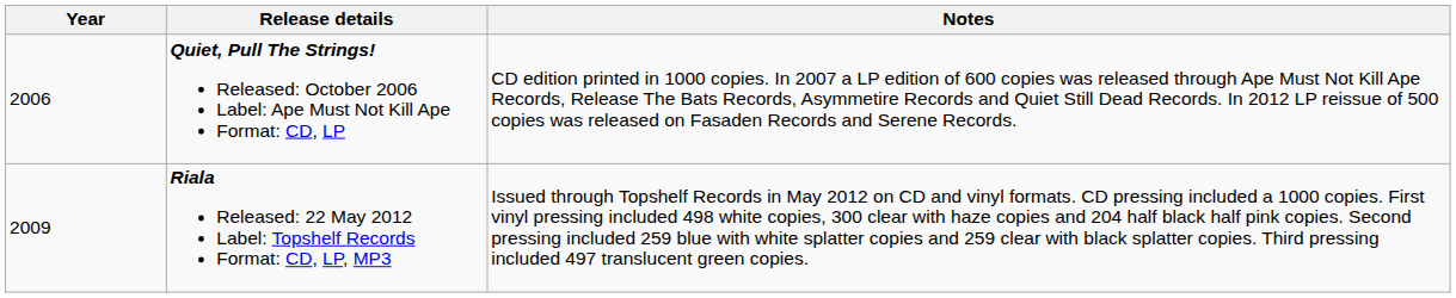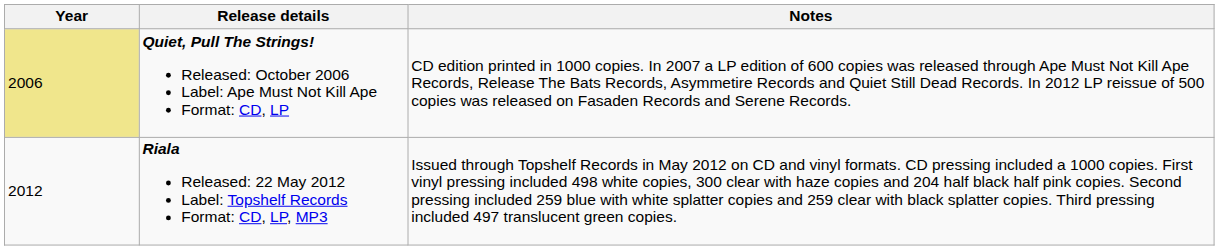 <table class ="wikitable">
 <tr>
 <th style="width: 5%">Year</th>
 <th style="width:10%">Release details</th>
 <th style="width:30%">Notes</th>
 </tr>
 <tr>
-<td>2006</td>
+<td style="background: khaki;">2006</td>
 <td><strong><em>Quiet, Pull The Strings!</em></strong><br><ul><li>Released: October 2006</li><li>Label: Ape Must Not Kill Ape</li><li>Format: <a href='#'>CD</a>, <a href='#'>LP</a></li></ul></td>
 <td>CD edition printed in 1000 copies. In 2007 a LP edition of 600 copies was released through Ape Must Not Kill Ape Records, Release The Bats Records, Asymmetire Records and Quiet Still Dead Records. In 2012 LP reissue of 500 copies was released on Fasaden Records and Serene Records.</td>
 </tr>
 <tr>
-<td>2009</td>
+<td>2012</td>
 <td><strong><em>Riala</em></strong><br><ul><li>Released: 22 May 2012</li><li>Label: <a href='#'>Topshelf Records</a></li><li>Format: <a href='#'>CD</a>, <a href='#'>LP</a>, <a href='#'>MP3</a></li></ul></td>
 <td>Issued through Topshelf Records in May 2012 on CD and vinyl formats. CD pressing included a 1000 copies. First vinyl pressing included 498 white copies, 300 clear with haze copies and 204 half black half pink copies. Second pressing included 259 blue with white splatter copies and 259 clear with black splatter copies. Third pressing included 497 translucent green copies.</td>
 </tr>
 </table>
